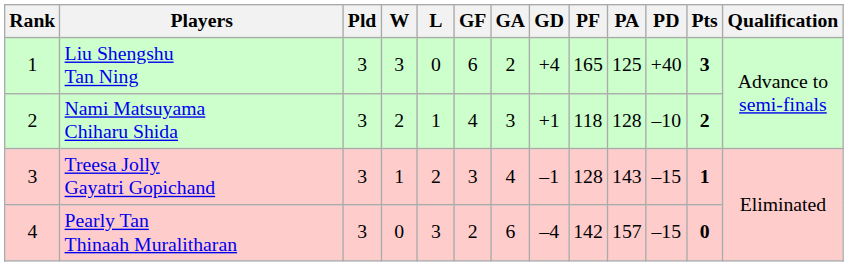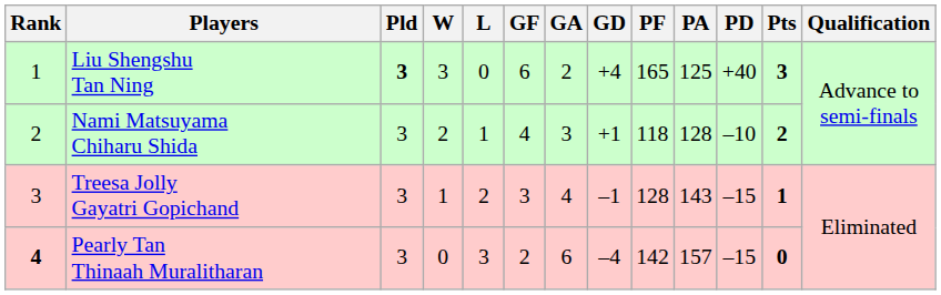 <table class="wikitable" style="font-size:90%; text-align:center">
 <tr>
 <th width="20">Rank</th>
 <th width="200">Players</th>
 <th width="20">Pld</th>
 <th width="20">W</th>
 <th width="20">L</th>
 <th width="20">GF</th>
 <th width="20">GA</th>
 <th width="20">GD</th>
 <th width="20">PF</th>
 <th width="20">PA</th>
 <th width="20">PD</th>
 <th width="20">Pts</th>
 <th width="20">Qualification</th>
 </tr>
 <tr style="background:#ccffcc">
 <td>1</td>
 <td style="text-align:left"> <a href='#'>Liu Shengshu</a><br> <a href='#'>Tan Ning</a></td>
-<td>3</td>
+<td><strong>3</strong></td>
 <td>3</td>
 <td>0</td>
 <td>6</td>
 <td>2</td>
 <td>+4</td>
 <td>165</td>
 <td>125</td>
 <td>+40</td>
 <td><strong>3</strong></td>
 <td rowspan="2">Advance to <a href='#'>semi-finals</a></td>
 </tr>
 <tr style="background:#ccffcc">
 <td>2</td>
 <td style="text-align:left"> <a href='#'>Nami Matsuyama</a><br> <a href='#'>Chiharu Shida</a></td>
 <td>3</td>
 <td>2</td>
 <td>1</td>
 <td>4</td>
 <td>3</td>
 <td>+1</td>
 <td>118</td>
 <td>128</td>
 <td>–10</td>
 <td><strong>2</strong></td>
 </tr>
 <tr style="background:#ffcccc">
 <td>3</td>
 <td style="text-align:left"> <a href='#'>Treesa Jolly</a><br> <a href='#'>Gayatri Gopichand</a></td>
 <td>3</td>
 <td>1</td>
 <td>2</td>
 <td>3</td>
 <td>4</td>
 <td>–1</td>
 <td>128</td>
 <td>143</td>
 <td>–15</td>
 <td><strong>1</strong></td>
 <td rowspan="2">Eliminated</td>
 </tr>
 <tr style="background:#ffcccc">
-<td>4</td>
+<td><strong>4</strong></td>
 <td style="text-align:left"> <a href='#'>Pearly Tan</a><br> <a href='#'>Thinaah Muralitharan</a></td>
 <td>3</td>
 <td>0</td>
 <td>3</td>
 <td>2</td>
 <td>6</td>
 <td>–4</td>
 <td>142</td>
 <td>157</td>
 <td>–15</td>
 <td><strong>0</strong></td>
 </tr>
 </table>
